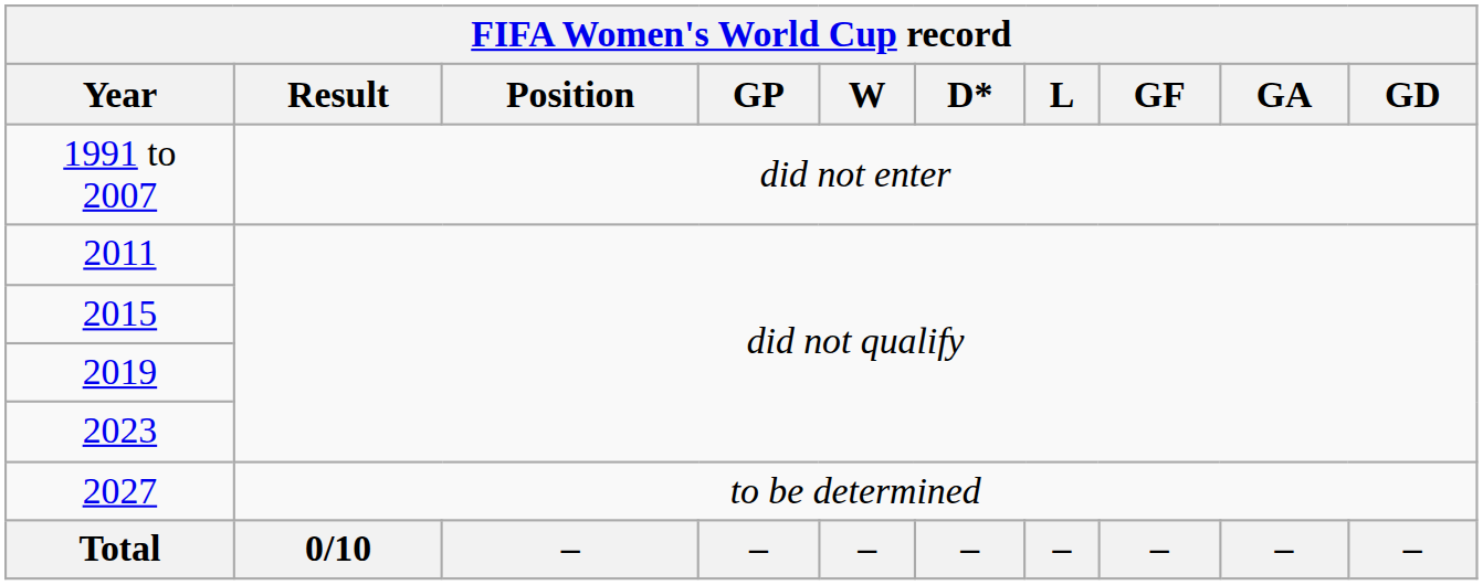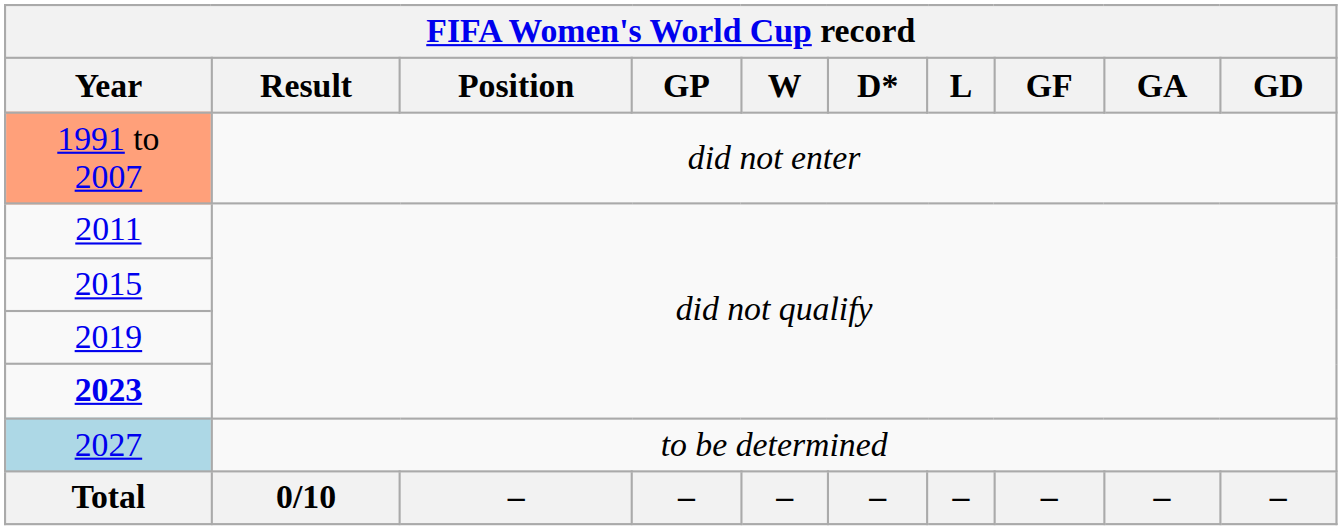 <table class="wikitable" style="text-align: center; width:50%;">
 <tr>
 <th colspan=10><a href='#'>FIFA Women's World Cup</a> record</th>
 </tr>
 <tr>
 <th>Year</th>
 <th>Result</th>
 <th>Position</th>
 <th>GP</th>
 <th>W</th>
 <th>D*</th>
 <th>L</th>
 <th>GF</th>
 <th>GA</th>
 <th>GD</th>
 </tr>
 <tr>
-<td> <a href='#'>1991</a> to <br>  <a href='#'>2007</a></td>
+<td style="background: lightsalmon;"> <a href='#'>1991</a> to <br>  <a href='#'>2007</a></td>
 <td colspan=9><em>did not enter</em></td>
 </tr>
 <tr>
 <td> <a href='#'>2011</a></td>
 <td colspan=9 rowspan=4><em>did not qualify</em></td>
 </tr>
 <tr>
 <td> <a href='#'>2015</a></td>
 </tr>
 <tr>
 <td> <a href='#'>2019</a></td>
 </tr>
 <tr>
-<td> <a href='#'>2023</a></td>
+<td><strong> <a href='#'>2023</a></strong></td>
 </tr>
 <tr>
-<td> <a href='#'>2027</a></td>
+<td style="background: lightblue;"> <a href='#'>2027</a></td>
 <td colspan=9><em>to be determined</em></td>
 </tr>
 <tr style="background:#f0f0f0;font-weight:bold;">
 <th>Total</th>
 <th>0/10</th>
 <th>–</th>
 <th>–</th>
 <th>–</th>
 <th>–</th>
 <th>–</th>
 <th>–</th>
 <th>–</th>
 <th>–</th>
 </tr>
 </table>
